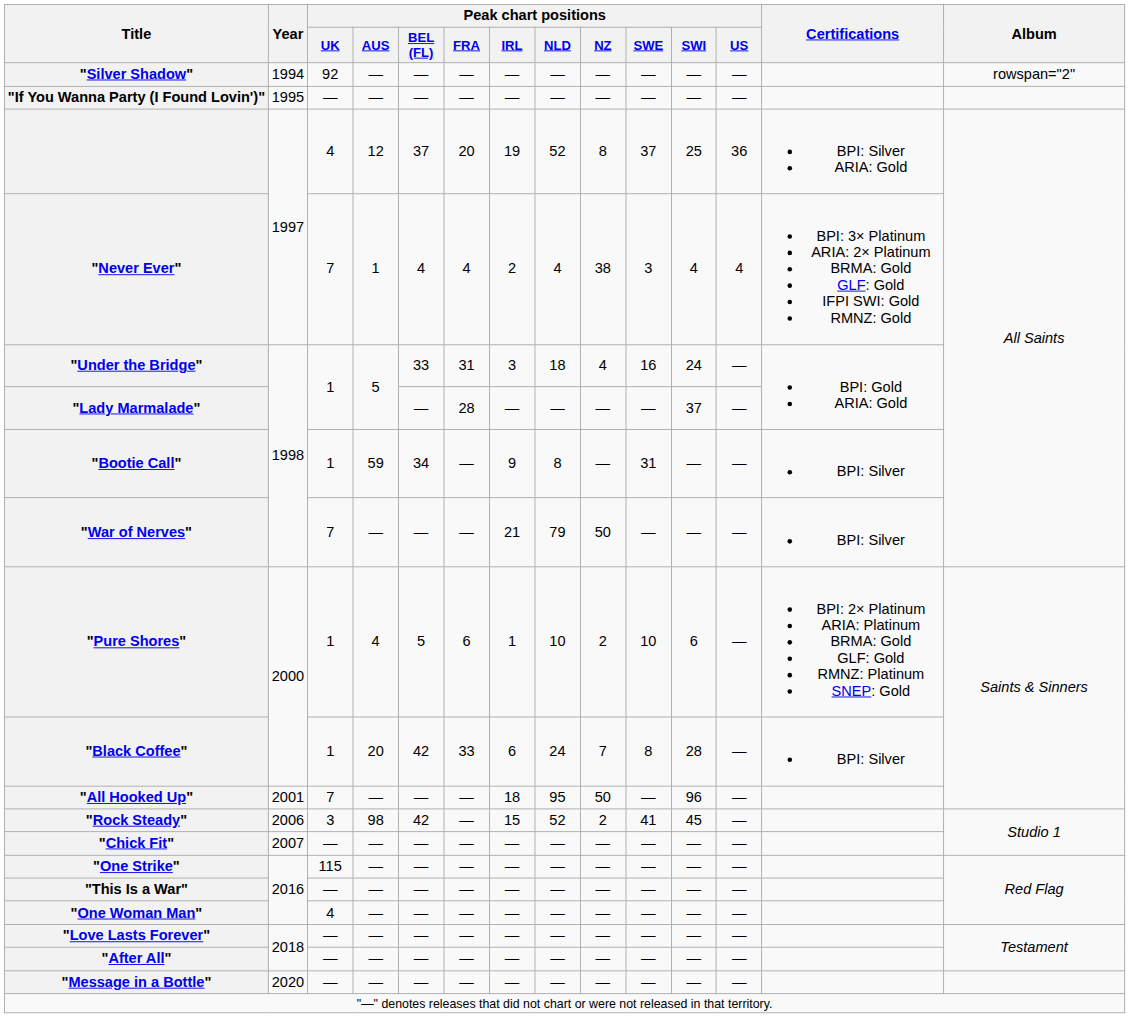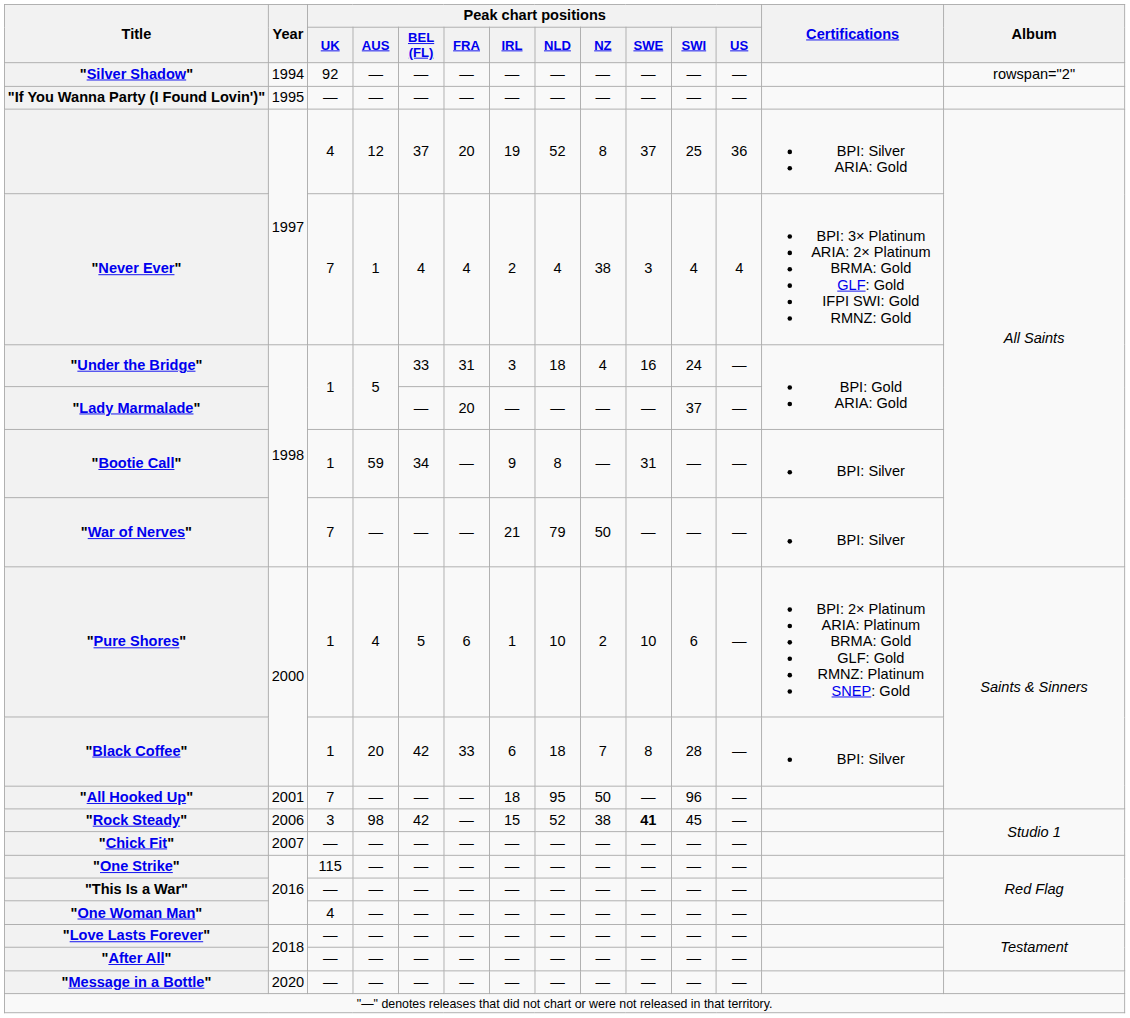 <table class="wikitable plainrowheaders" style="text-align:center;">
 <tr>
 <th scope="col" rowspan="2">Title</th>
 <th scope="col" rowspan="2">Year</th>
 <th scope="col" colspan="10">Peak chart positions</th>
 <th scope="col" rowspan="2" style="width:12em;"><a href='#'>Certifications</a></th>
 <th scope="col" rowspan="2" style="width:12em;">Album</th>
 </tr>
 <tr>
 <th scope="col" style="width:3em;font-size:90%;"><a href='#'>UK</a><br></th>
 <th scope="col" style="width:3em;font-size:90%;"><a href='#'>AUS</a><br></th>
 <th scope="col" style="width:3em;font-size:90%;"><a href='#'>BEL (FL)</a><br></th>
 <th scope="col" style="width:3em;font-size:90%;"><a href='#'>FRA</a><br></th>
 <th scope="col" style="width:3em;font-size:90%;"><a href='#'>IRL</a><br></th>
 <th scope="col" style="width:3em;font-size:90%;"><a href='#'>NLD</a><br></th>
 <th scope="col" style="width:3em;font-size:90%;"><a href='#'>NZ</a><br></th>
 <th scope="col" style="width:3em;font-size:90%;"><a href='#'>SWE</a><br></th>
 <th scope="col" style="width:3em;font-size:90%;"><a href='#'>SWI</a><br></th>
 <th scope="col" style="width:3em;font-size:90%;"><a href='#'>US</a><br></th>
 </tr>
 <tr>
 <th scope="row">"<a href='#'>Silver Shadow</a>"<br></th>
 <td>1994</td>
 <td>92</td>
 <td>—</td>
 <td>—</td>
 <td>—</td>
 <td>—</td>
 <td>—</td>
 <td>—</td>
 <td>—</td>
 <td>—</td>
 <td>—</td>
 <td></td>
 <td>rowspan="2" </td>
 </tr>
 <tr>
 <th scope="row">"If You Wanna Party (I Found Lovin')"<br></th>
 <td>1995</td>
 <td>—</td>
 <td>—</td>
 <td>—</td>
 <td>—</td>
 <td>—</td>
 <td>—</td>
 <td>—</td>
 <td>—</td>
 <td>—</td>
 <td>—</td>
 <td></td>
 </tr>
 <tr>
 <th scope="row"></th>
 <td rowspan="2">1997</td>
 <td>4</td>
 <td>12</td>
 <td>37</td>
 <td>20</td>
 <td>19</td>
 <td>52</td>
 <td>8</td>
 <td>37</td>
 <td>25</td>
 <td>36</td>
 <td><br><ul><li>BPI: Silver</li><li>ARIA: Gold</li></ul></td>
 <td rowspan="6"><em>All Saints</em></td>
 </tr>
 <tr>
 <th scope="row">"<a href='#'>Never Ever</a>"</th>
 <td>7</td>
 <td>1</td>
 <td>4</td>
 <td>4</td>
 <td>2</td>
 <td>4</td>
 <td>38</td>
 <td>3</td>
 <td>4</td>
 <td>4</td>
 <td><br><ul><li>BPI: 3× Platinum</li><li>ARIA: 2× Platinum</li><li>BRMA: Gold</li><li><a href='#'>GLF</a>: Gold</li><li>IFPI SWI: Gold</li><li>RMNZ: Gold</li></ul></td>
 </tr>
 <tr>
 <th scope="row">"<a href='#'>Under the Bridge</a>"</th>
 <td rowspan="4">1998</td>
 <td rowspan="2">1</td>
 <td rowspan="2">5</td>
 <td>33</td>
 <td>31</td>
 <td>3</td>
 <td>18</td>
 <td>4</td>
 <td>16</td>
 <td>24</td>
 <td>—</td>
 <td rowspan="2"><br><ul><li>BPI: Gold</li><li>ARIA: Gold</li></ul></td>
 </tr>
 <tr>
 <th scope="row">"<a href='#'>Lady Marmalade</a>"</th>
 <td>—</td>
-<td>28</td>
+<td>20</td>
 <td>—</td>
 <td>—</td>
 <td>—</td>
 <td>—</td>
 <td>37</td>
 <td>—</td>
 </tr>
 <tr>
 <th scope="row">"<a href='#'>Bootie Call</a>"</th>
 <td>1</td>
 <td>59</td>
 <td>34</td>
 <td>—</td>
 <td>9</td>
 <td>8</td>
 <td>—</td>
 <td>31</td>
 <td>—</td>
 <td>—</td>
 <td><br><ul><li>BPI: Silver</li></ul></td>
 </tr>
 <tr>
 <th scope="row">"<a href='#'>War of Nerves</a>"</th>
 <td>7</td>
 <td>—</td>
 <td>—</td>
 <td>—</td>
 <td>21</td>
 <td>79</td>
 <td>50</td>
 <td>—</td>
 <td>—</td>
 <td>—</td>
 <td><br><ul><li>BPI: Silver</li></ul></td>
 </tr>
 <tr>
 <th scope="row">"<a href='#'>Pure Shores</a>"</th>
 <td rowspan="2">2000</td>
 <td>1</td>
 <td>4</td>
 <td>5</td>
 <td>6</td>
 <td>1</td>
 <td>10</td>
 <td>2</td>
 <td>10</td>
 <td>6</td>
 <td>—</td>
 <td><br><ul><li>BPI: 2× Platinum</li><li>ARIA: Platinum</li><li>BRMA: Gold</li><li>GLF: Gold</li><li>RMNZ: Platinum</li><li><a href='#'>SNEP</a>: Gold</li></ul></td>
 <td rowspan="3"><em>Saints & Sinners</em></td>
 </tr>
 <tr>
 <th scope="row">"<a href='#'>Black Coffee</a>"</th>
 <td>1</td>
 <td>20</td>
 <td>42</td>
 <td>33</td>
 <td>6</td>
-<td>24</td>
+<td>18</td>
 <td>7</td>
 <td>8</td>
 <td>28</td>
 <td>—</td>
 <td><br><ul><li>BPI: Silver</li></ul></td>
 </tr>
 <tr>
 <th scope="row">"<a href='#'>All Hooked Up</a>"</th>
 <td>2001</td>
 <td>7</td>
 <td>—</td>
 <td>—</td>
 <td>—</td>
 <td>18</td>
 <td>95</td>
 <td>50</td>
 <td>—</td>
 <td>96</td>
 <td>—</td>
 </tr>
 <tr>
 <th scope="row">"<a href='#'>Rock Steady</a>"</th>
 <td>2006</td>
 <td>3</td>
 <td>98</td>
 <td>42</td>
 <td>—</td>
 <td>15</td>
 <td>52</td>
-<td>2</td>
-<td>41</td>
+<td>38</td>
+<td><strong>41</strong></td>
 <td>45</td>
 <td>—</td>
 <td></td>
 <td rowspan="2"><em>Studio 1</em></td>
 </tr>
 <tr>
 <th scope="row">"<a href='#'>Chick Fit</a>"</th>
 <td>2007</td>
 <td>—</td>
 <td>—</td>
 <td>—</td>
 <td>—</td>
 <td>—</td>
 <td>—</td>
 <td>—</td>
 <td>—</td>
 <td>—</td>
 <td>—</td>
 <td></td>
 </tr>
 <tr>
 <th scope="row">"<a href='#'>One Strike</a>"</th>
 <td rowspan="3">2016</td>
 <td>115</td>
 <td>—</td>
 <td>—</td>
 <td>—</td>
 <td>—</td>
 <td>—</td>
 <td>—</td>
 <td>—</td>
 <td>—</td>
 <td>—</td>
 <td></td>
 <td rowspan="3"><em>Red Flag</em></td>
 </tr>
 <tr>
 <th scope="row">"This Is a War"</th>
 <td>—</td>
 <td>—</td>
 <td>—</td>
 <td>—</td>
 <td>—</td>
 <td>—</td>
 <td>—</td>
 <td>—</td>
 <td>—</td>
 <td>—</td>
 <td></td>
 </tr>
 <tr>
 <th scope="row">"<a href='#'>One Woman Man</a>"</th>
 <td>4</td>
 <td>—</td>
 <td>—</td>
 <td>—</td>
 <td>—</td>
 <td>—</td>
 <td>—</td>
 <td>—</td>
 <td>—</td>
 <td>—</td>
 <td></td>
 </tr>
 <tr>
 <th scope="row">"<a href='#'>Love Lasts Forever</a>"</th>
 <td rowspan="2">2018</td>
 <td>—</td>
 <td>—</td>
 <td>—</td>
 <td>—</td>
 <td>—</td>
 <td>—</td>
 <td>—</td>
 <td>—</td>
 <td>—</td>
 <td>—</td>
 <td></td>
 <td rowspan="2"><em>Testament</em></td>
 </tr>
 <tr>
 <th scope="row">"<a href='#'>After All</a>"</th>
 <td>—</td>
 <td>—</td>
 <td>—</td>
 <td>—</td>
 <td>—</td>
 <td>—</td>
 <td>—</td>
 <td>—</td>
 <td>—</td>
 <td>—</td>
 <td></td>
 </tr>
 <tr>
 <th scope="row">"<a href='#'>Message in a Bottle</a>"<br></th>
 <td>2020</td>
 <td>—</td>
 <td>—</td>
 <td>—</td>
 <td>—</td>
 <td>—</td>
 <td>—</td>
 <td>—</td>
 <td>—</td>
 <td>—</td>
 <td>—</td>
 <td></td>
 <td></td>
 </tr>
 <tr>
 <td colspan="15" style="text-align:center; font-size:85%">"—" denotes releases that did not chart or were not released in that territory.</td>
 </tr>
 </table>
